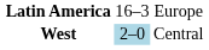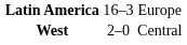 <table>
 <tr>
 <td align=center><strong>Latin America</strong></td>
 <td align=center>16–3</td>
 <td align=center>Europe</td>
 </tr>
 <tr>
 <td align=center><strong>West</strong></td>
-<td align=center style="background: lightblue;">2–0</td>
+<td align=center>2–0</td>
 <td align=center>Central</td>
 </tr>
 </table>
